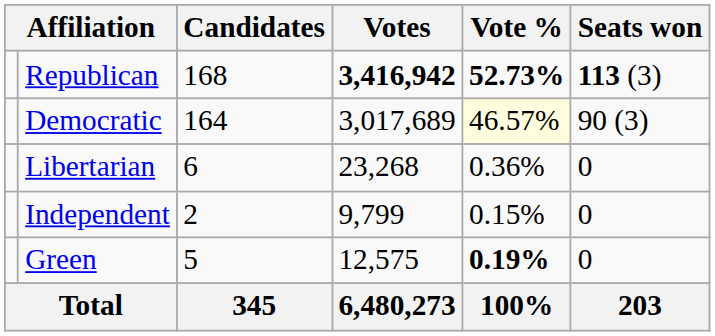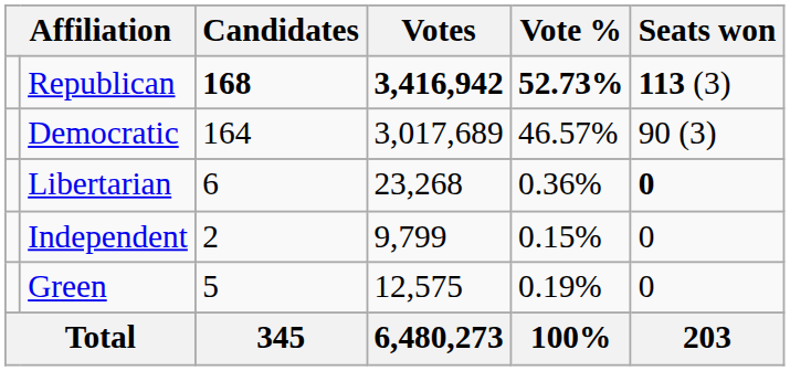 <table class="wikitable">
 <tr>
 <th colspan="2">Affiliation</th>
 <th>Candidates</th>
 <th>Votes</th>
 <th>Vote %</th>
 <th>Seats won</th>
 </tr>
 <tr>
 <td style="background-color:"></td>
 <td><a href='#'>Republican</a></td>
-<td>168</td>
+<td><strong>168</strong></td>
 <td><strong>3,416,942</strong></td>
 <td><strong>52.73%</strong></td>
 <td><strong>113</strong> (3)</td>
 </tr>
 <tr>
 <td style="background-color:"></td>
 <td><a href='#'>Democratic</a></td>
 <td>164</td>
 <td>3,017,689</td>
-<td style="background: lightyellow;">46.57%</td>
+<td>46.57%</td>
 <td>90 (3)</td>
 </tr>
 <tr>
 <td style="background-color:"></td>
 <td><a href='#'>Libertarian</a></td>
 <td>6</td>
 <td>23,268</td>
 <td>0.36%</td>
-<td>0</td>
+<td><strong>0</strong></td>
 </tr>
 <tr>
 <td style="background-color:"></td>
 <td><a href='#'>Independent</a></td>
 <td>2</td>
 <td>9,799</td>
 <td>0.15%</td>
 <td>0</td>
 </tr>
 <tr>
 <td style="background-color:"></td>
 <td><a href='#'>Green</a></td>
 <td>5</td>
 <td>12,575</td>
-<td><strong>0.19%</strong></td>
+<td>0.19%</td>
 <td>0</td>
 </tr>
 <tr>
 <th colspan="2">Total</th>
 <th>345</th>
 <th>6,480,273</th>
 <th>100%</th>
 <th>203</th>
 </tr>
 </table>
